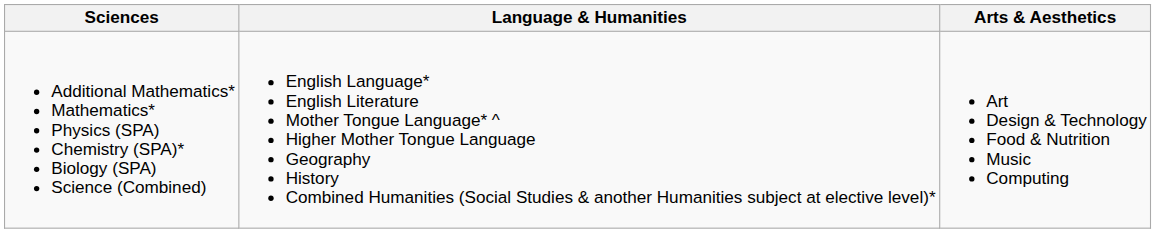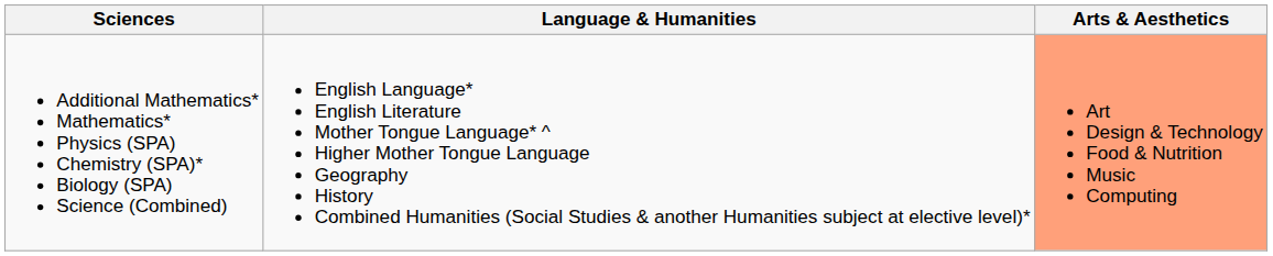 <table class="wikitable">
 <tr>
 <th>Sciences</th>
 <th><strong>Language & Humanities</strong></th>
 <th><strong>Arts & Aesthetics</strong></th>
 </tr>
 <tr>
 <td><br><ul><li>Additional Mathematics*</li><li>Mathematics*</li><li>Physics (SPA)</li><li>Chemistry (SPA)*</li><li>Biology (SPA)</li><li>Science (Combined)</li></ul></td>
 <td><br><ul><li>English Language*</li><li>English Literature</li><li>Mother Tongue Language* ^</li><li>Higher Mother Tongue Language</li><li>Geography</li><li>History</li><li>Combined Humanities (Social Studies & another Humanities subject at elective level)*</li></ul></td>
-<td><br><ul><li>Art</li><li>Design & Technology</li><li>Food & Nutrition</li><li>Music</li><li>Computing</li></ul></td>
+<td style="background: lightsalmon;"><br><ul><li>Art</li><li>Design & Technology</li><li>Food & Nutrition</li><li>Music</li><li>Computing</li></ul></td>
 </tr>
 </table>
